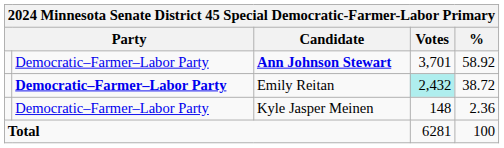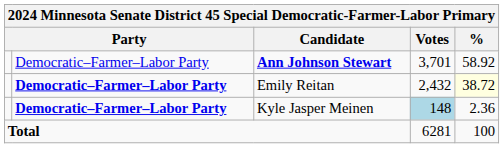 <table class="wikitable">
 <tr>
 <th colspan="6">2024 Minnesota Senate District 45 Special Democratic-Farmer-Labor Primary</th>
 </tr>
 <tr>
 <th colspan="2">Party</th>
 <th>Candidate</th>
 <th>Votes</th>
 <th>%</th>
 </tr>
 <tr>
 <td style="background-color:"></td>
 <td><a href='#'>Democratic–Farmer–Labor Party</a></td>
 <td><strong><a href='#'>Ann Johnson Stewart</a></strong></td>
 <td align="right">3,701</td>
 <td align="right">58.92</td>
 </tr>
 <tr>
 <td style="background-color:"></td>
 <td><strong><a href='#'>Democratic–Farmer–Labor Party</a></strong></td>
 <td>Emily Reitan</td>
-<td align="right" style="background: paleturquoise;">2,432</td>
-<td align="right">38.72</td>
+<td align="right">2,432</td>
+<td align="right" style="background: lightyellow;">38.72</td>
 </tr>
 <tr>
 <td style="background-color:"></td>
-<td><a href='#'>Democratic–Farmer–Labor Party</a></td>
+<td><strong><a href='#'>Democratic–Farmer–Labor Party</a></strong></td>
 <td>Kyle Jasper Meinen</td>
-<td align="right">148</td>
+<td align="right" style="background: lightblue;">148</td>
 <td align="right">2.36</td>
 </tr>
 <tr>
 <td colspan="3"><strong>Total</strong></td>
 <td align="right">6281</td>
 <td align="right">100</td>
 </tr>
 </table>
